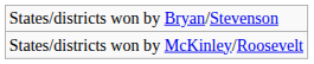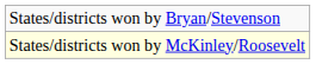 <table class="wikitable">
 <tr>
 <td>States/districts won by <a href='#'>Bryan</a>/<a href='#'>Stevenson</a></td>
 </tr>
 <tr>
-<td>States/districts won by <a href='#'>McKinley</a>/<a href='#'>Roosevelt</a></td>
+<td style="background: lightyellow;">States/districts won by <a href='#'>McKinley</a>/<a href='#'>Roosevelt</a></td>
 </tr>
 </table>
